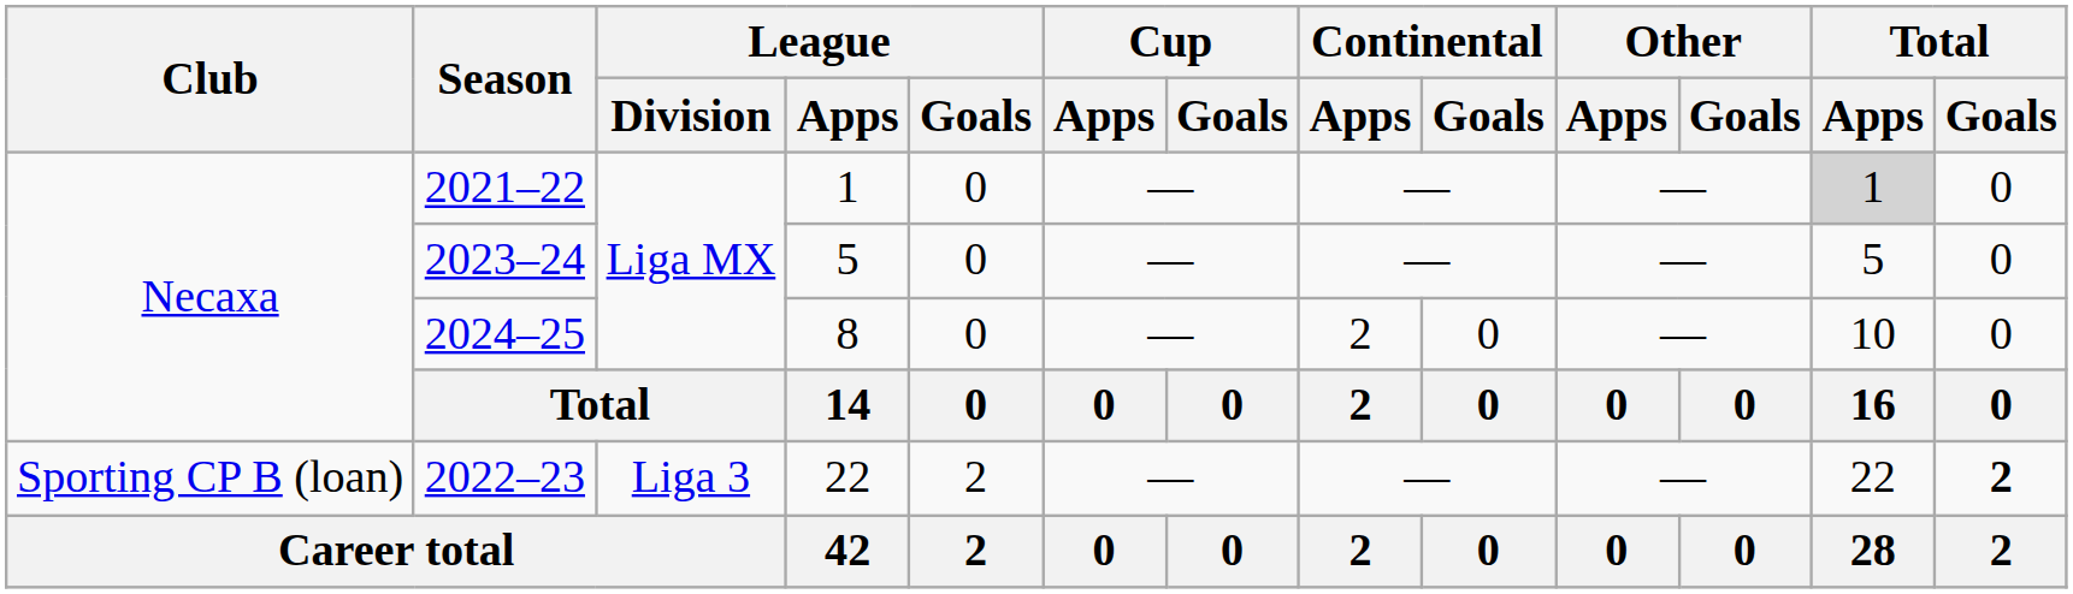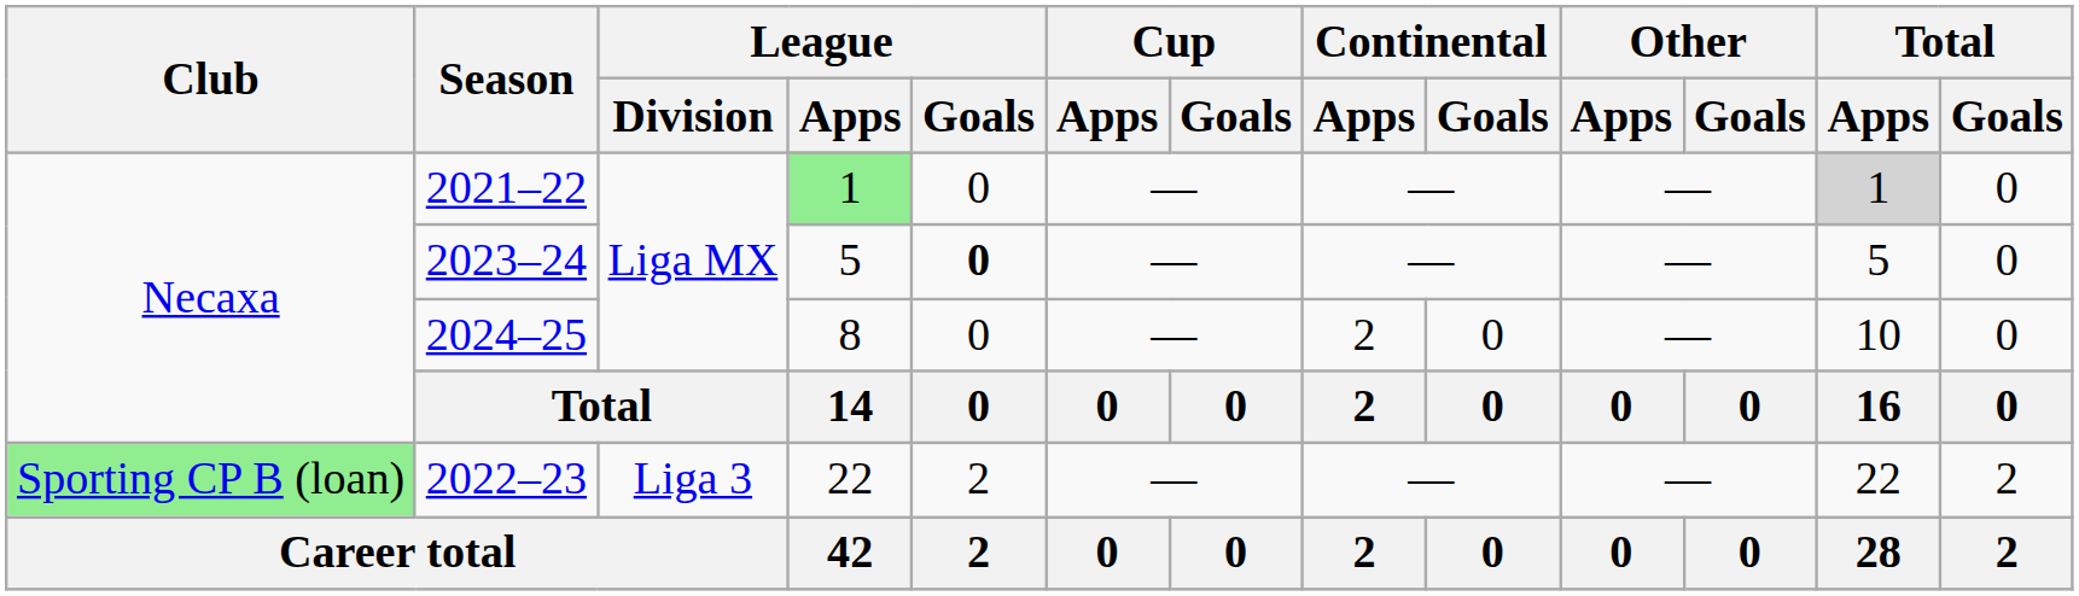 <table class="wikitable" style="text-align: center">
 <tr>
 <th rowspan="2">Club</th>
 <th rowspan="2">Season</th>
 <th colspan="3">League</th>
 <th colspan="2">Cup</th>
 <th colspan="2">Continental</th>
 <th colspan="2">Other</th>
 <th colspan="2">Total</th>
 </tr>
 <tr>
 <th>Division</th>
 <th>Apps</th>
 <th>Goals</th>
 <th>Apps</th>
 <th>Goals</th>
 <th>Apps</th>
 <th>Goals</th>
 <th>Apps</th>
 <th>Goals</th>
 <th>Apps</th>
 <th>Goals</th>
 </tr>
 <tr>
 <td rowspan="4"><a href='#'>Necaxa</a></td>
 <td><a href='#'>2021–22</a></td>
 <td rowspan="3"><a href='#'>Liga MX</a></td>
-<td>1</td>
+<td style="background: lightgreen;">1</td>
 <td>0</td>
 <td colspan="2">—</td>
 <td colspan="2">—</td>
 <td colspan="2">—</td>
 <td style="background: lightgrey;">1</td>
 <td>0</td>
 </tr>
 <tr>
 <td><a href='#'>2023–24</a></td>
 <td>5</td>
-<td>0</td>
+<td><strong>0</strong></td>
 <td colspan="2">—</td>
 <td colspan="2">—</td>
 <td colspan="2">—</td>
 <td>5</td>
 <td>0</td>
 </tr>
 <tr>
 <td><a href='#'>2024–25</a></td>
 <td>8</td>
 <td>0</td>
 <td colspan="2">—</td>
 <td>2</td>
 <td>0</td>
 <td colspan="2">—</td>
 <td>10</td>
 <td>0</td>
 </tr>
 <tr>
 <th colspan="2"><strong>Total</strong></th>
 <th>14</th>
 <th>0</th>
 <th>0</th>
 <th>0</th>
 <th>2</th>
 <th>0</th>
 <th>0</th>
 <th>0</th>
 <th>16</th>
 <th>0</th>
 </tr>
 <tr>
-<td><a href='#'>Sporting CP B</a> (loan)</td>
+<td style="background: lightgreen;"><a href='#'>Sporting CP B</a> (loan)</td>
 <td><a href='#'>2022–23</a></td>
 <td><a href='#'>Liga 3</a></td>
 <td>22</td>
 <td>2</td>
 <td colspan="2">—</td>
 <td colspan="2">—</td>
 <td colspan="2">—</td>
 <td>22</td>
-<td><strong>2</strong></td>
+<td>2</td>
 </tr>
 <tr>
 <th colspan="3"><strong>Career total</strong></th>
 <th>42</th>
 <th>2</th>
 <th>0</th>
 <th>0</th>
 <th>2</th>
 <th>0</th>
 <th>0</th>
 <th>0</th>
 <th>28</th>
 <th>2</th>
 </tr>
 </table>
